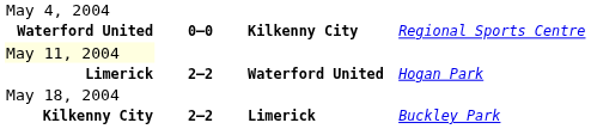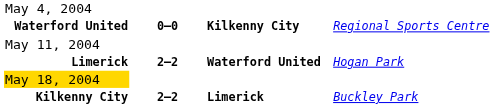 <table width=100% cellspacing=1>
 <tr>
 <th width=20%></th>
 <th width=12%></th>
 <th width=20%></th>
 <th></th>
 </tr>
 <tr>
 <td>May 4, 2004</td>
 </tr>
 <tr style=font-size:90%>
 <td align=right><strong>Waterford United</strong></td>
 <td align=center><strong>0–0</strong></td>
 <td><strong>Kilkenny City</strong></td>
 <td><em><a href='#'>Regional Sports Centre</a></em></td>
 </tr>
 <tr>
-<td style="background: lightyellow;">May 11, 2004</td>
+<td>May 11, 2004</td>
 </tr>
 <tr style=font-size:90%>
 <td align=right><strong>Limerick</strong></td>
 <td align=center><strong>2–2</strong></td>
 <td><strong>Waterford United</strong></td>
 <td><em><a href='#'>Hogan Park</a></em></td>
 </tr>
 <tr>
-<td>May 18, 2004</td>
+<td style="background: gold;">May 18, 2004</td>
 </tr>
 <tr style=font-size:90%>
 <td align=right><strong>Kilkenny City</strong></td>
 <td align=center><strong>2–2</strong></td>
 <td><strong>Limerick</strong></td>
 <td><em><a href='#'>Buckley Park</a></em></td>
 </tr>
 </table>
